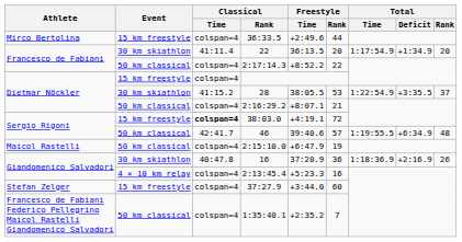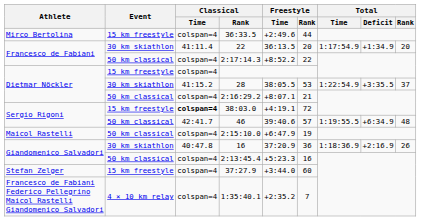 <table class="wikitable" style="font-size:90%">
 <tr>
 <th rowspan=2>Athlete</th>
 <th rowspan=2>Event</th>
 <th colspan=2>Classical</th>
 <th colspan=2>Freestyle</th>
 <th colspan=3>Total</th>
 </tr>
 <tr style="font-size:95%">
 <th>Time</th>
 <th>Rank</th>
 <th>Time</th>
 <th>Rank</th>
 <th>Time</th>
 <th>Deficit</th>
 <th>Rank</th>
 </tr>
 <tr align=center>
 <td align=left><a href='#'>Mirco Bertolina</a></td>
 <td align=left><a href='#'>15 km freestyle</a></td>
 <td>colspan=4 </td>
 <td>36:33.5</td>
 <td>+2:49.6</td>
 <td>44</td>
 </tr>
 <tr align=center>
 <td align=left rowspan=2><a href='#'>Francesco de Fabiani</a></td>
 <td align=left><a href='#'>30 km skiathlon</a></td>
 <td>41:11.4</td>
 <td>22</td>
 <td>36:13.5</td>
 <td>20</td>
 <td>1:17:54.9</td>
 <td>+1:34.9</td>
 <td>20</td>
 </tr>
 <tr align=center>
 <td align=left><a href='#'>50 km classical</a></td>
 <td>colspan=4 </td>
 <td>2:17:14.3</td>
 <td>+8:52.2</td>
 <td>22</td>
 </tr>
 <tr align=center>
 <td align=left rowspan=3><a href='#'>Dietmar Nöckler</a></td>
 <td align=left><a href='#'>15 km freestyle</a></td>
 <td>colspan=4 </td>
 <td colspan=3></td>
 </tr>
 <tr align=center>
 <td align=left><a href='#'>30 km skiathlon</a></td>
 <td>41:15.2</td>
 <td>28</td>
 <td>38:05.5</td>
 <td>53</td>
 <td>1:22:54.9</td>
 <td>+3:35.5</td>
 <td>37</td>
 </tr>
 <tr align=center>
 <td align=left><a href='#'>50 km classical</a></td>
 <td>colspan=4 </td>
 <td>2:16:29.2</td>
 <td>+8:07.1</td>
 <td>21</td>
 </tr>
 <tr align=center>
 <td align=left rowspan=2><a href='#'>Sergio Rigoni</a></td>
 <td align=left><a href='#'>15 km freestyle</a></td>
 <td><strong>colspan=4 </strong></td>
 <td>38:03.0</td>
 <td>+4:19.1</td>
 <td>72</td>
 </tr>
 <tr align=center>
 <td align=left><a href='#'>50 km classical</a></td>
 <td>42:41.7</td>
 <td>46</td>
 <td>39:40.6</td>
 <td>57</td>
 <td>1:19:55.5</td>
 <td>+6:34.9</td>
 <td>48</td>
 </tr>
 <tr align=center>
 <td align=left><a href='#'>Maicol Rastelli</a></td>
 <td align=left><a href='#'>50 km classical</a></td>
 <td>colspan=4 </td>
 <td>2:15:10.0</td>
 <td>+6:47.9</td>
 <td>19</td>
 </tr>
 <tr align=center>
 <td align=left rowspan=2><a href='#'>Giandomenico Salvadori</a></td>
 <td align=left><a href='#'>30 km skiathlon</a></td>
 <td>40:47.8</td>
 <td>16</td>
 <td>37:20.9</td>
 <td>36</td>
 <td>1:18:36.9</td>
 <td>+2:16.9</td>
 <td>26</td>
 </tr>
 <tr align=center>
-<td align=left><a href='#'>4 × 10 km relay</a></td>
+<td align=left><a href='#'>50 km classical</a></td>
 <td>colspan=4 </td>
 <td>2:13:45.4</td>
 <td>+5:23.3</td>
 <td>16</td>
 </tr>
 <tr align=center>
 <td align=left><a href='#'>Stefan Zelger</a></td>
 <td align=left><a href='#'>15 km freestyle</a></td>
 <td>colspan=4 </td>
 <td>37:27.9</td>
 <td>+3:44.0</td>
 <td>60</td>
 </tr>
 <tr align=center>
 <td align=left><a href='#'>Francesco de Fabiani</a><br><a href='#'>Federico Pellegrino</a><br><a href='#'>Maicol Rastelli</a><br><a href='#'>Giandomenico Salvadori</a></td>
-<td align=left><a href='#'>50 km classical</a></td>
+<td align=left><a href='#'>4 × 10 km relay</a></td>
 <td>colspan=4 </td>
 <td>1:35:40.1</td>
 <td>+2:35.2</td>
 <td>7</td>
 </tr>
 </table>
